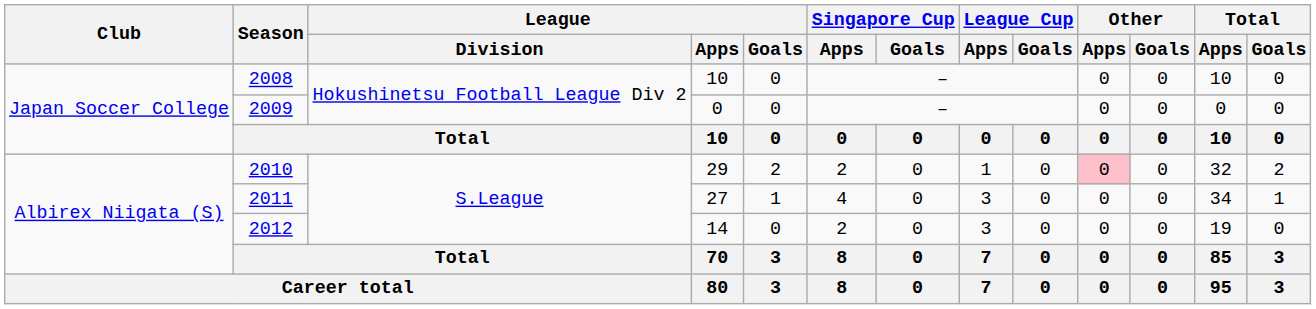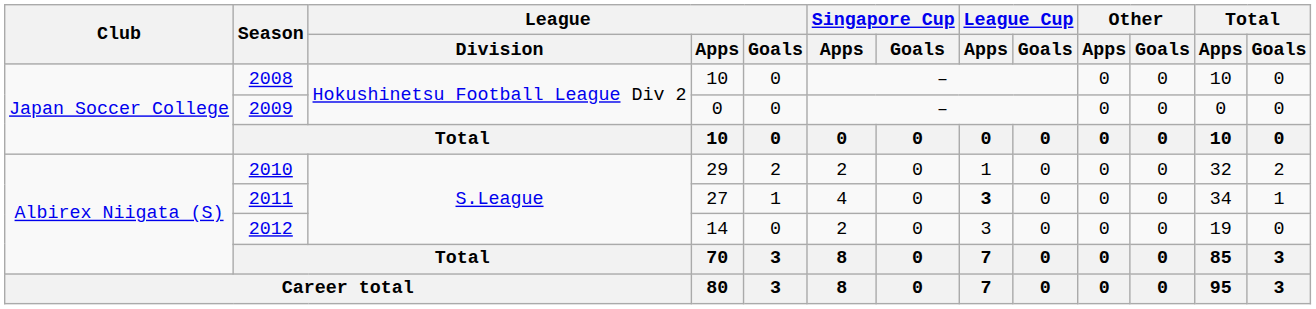 <table class="wikitable" style="text-align: center">
 <tr>
 <th rowspan="2">Club</th>
 <th rowspan="2">Season</th>
 <th colspan="3">League</th>
 <th colspan="2"><a href='#'>Singapore Cup</a></th>
 <th colspan="2"><a href='#'>League Cup</a></th>
 <th colspan="2">Other</th>
 <th colspan="2">Total</th>
 </tr>
 <tr>
 <th>Division</th>
 <th>Apps</th>
 <th>Goals</th>
 <th>Apps</th>
 <th>Goals</th>
 <th>Apps</th>
 <th>Goals</th>
 <th>Apps</th>
 <th>Goals</th>
 <th>Apps</th>
 <th>Goals</th>
 </tr>
 <tr>
 <td rowspan="3"><a href='#'>Japan Soccer College</a></td>
 <td><a href='#'>2008</a></td>
 <td rowspan="2"><a href='#'>Hokushinetsu Football League</a> Div 2</td>
 <td>10</td>
 <td>0</td>
 <td colspan="4">–</td>
 <td>0</td>
 <td>0</td>
 <td>10</td>
 <td>0</td>
 </tr>
 <tr>
 <td><a href='#'>2009</a></td>
 <td>0</td>
 <td>0</td>
 <td colspan="4">–</td>
 <td>0</td>
 <td>0</td>
 <td>0</td>
 <td>0</td>
 </tr>
 <tr>
 <th colspan=2>Total</th>
 <th>10</th>
 <th>0</th>
 <th>0</th>
 <th>0</th>
 <th>0</th>
 <th>0</th>
 <th>0</th>
 <th>0</th>
 <th>10</th>
 <th>0</th>
 </tr>
 <tr>
 <td rowspan="4"><a href='#'>Albirex Niigata (S)</a></td>
 <td><a href='#'>2010</a></td>
 <td rowspan="3"><a href='#'>S.League</a></td>
 <td>29</td>
 <td>2</td>
 <td>2</td>
 <td>0</td>
 <td>1</td>
 <td>0</td>
-<td style="background: pink;">0</td>
+<td>0</td>
 <td>0</td>
 <td>32</td>
 <td>2</td>
 </tr>
 <tr>
 <td><a href='#'>2011</a></td>
 <td>27</td>
 <td>1</td>
 <td>4</td>
 <td>0</td>
-<td>3</td>
+<td><strong>3</strong></td>
 <td>0</td>
 <td>0</td>
 <td>0</td>
 <td>34</td>
 <td>1</td>
 </tr>
 <tr>
 <td><a href='#'>2012</a></td>
 <td>14</td>
 <td>0</td>
 <td>2</td>
 <td>0</td>
 <td>3</td>
 <td>0</td>
 <td>0</td>
 <td>0</td>
 <td>19</td>
 <td>0</td>
 </tr>
 <tr>
 <th colspan=2>Total</th>
 <th>70</th>
 <th>3</th>
 <th>8</th>
 <th>0</th>
 <th>7</th>
 <th>0</th>
 <th>0</th>
 <th>0</th>
 <th>85</th>
 <th>3</th>
 </tr>
 <tr>
 <th colspan=3>Career total</th>
 <th>80</th>
 <th>3</th>
 <th>8</th>
 <th>0</th>
 <th>7</th>
 <th>0</th>
 <th>0</th>
 <th>0</th>
 <th>95</th>
 <th>3</th>
 </tr>
 </table>
